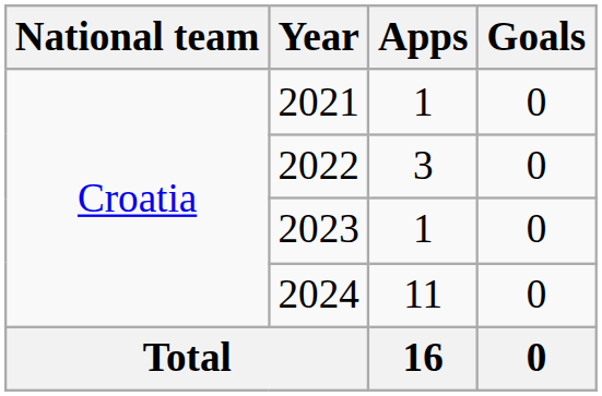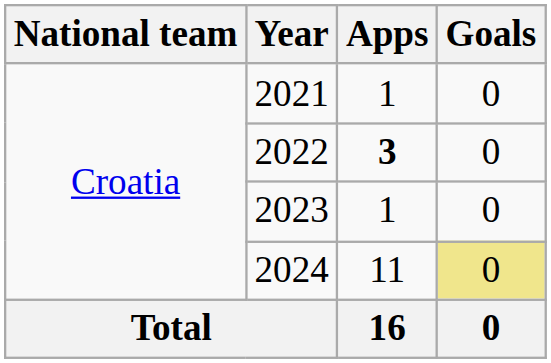 <table class="wikitable" style="text-align: center;">
 <tr>
 <th>National team</th>
 <th>Year</th>
 <th>Apps</th>
 <th>Goals</th>
 </tr>
 <tr>
 <td rowspan="4" valign="center"><a href='#'>Croatia</a></td>
 <td>2021</td>
 <td>1</td>
 <td>0</td>
 </tr>
 <tr>
 <td>2022</td>
-<td>3</td>
+<td><strong>3</strong></td>
 <td>0</td>
 </tr>
 <tr>
 <td>2023</td>
 <td>1</td>
 <td>0</td>
 </tr>
 <tr>
 <td>2024</td>
 <td>11</td>
-<td>0</td>
+<td style="background: khaki;">0</td>
 </tr>
 <tr>
 <th colspan="2">Total</th>
 <th>16</th>
 <th>0</th>
 </tr>
 </table>
